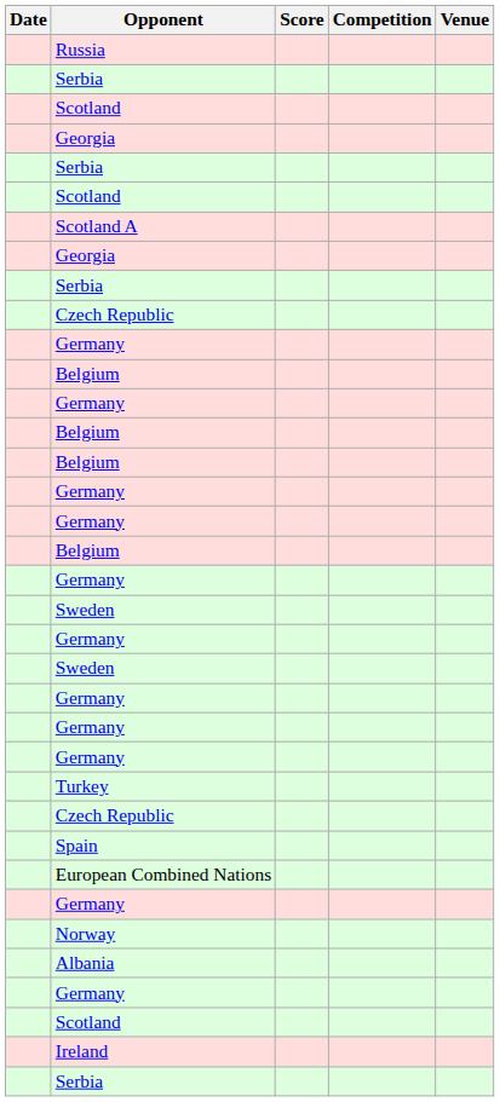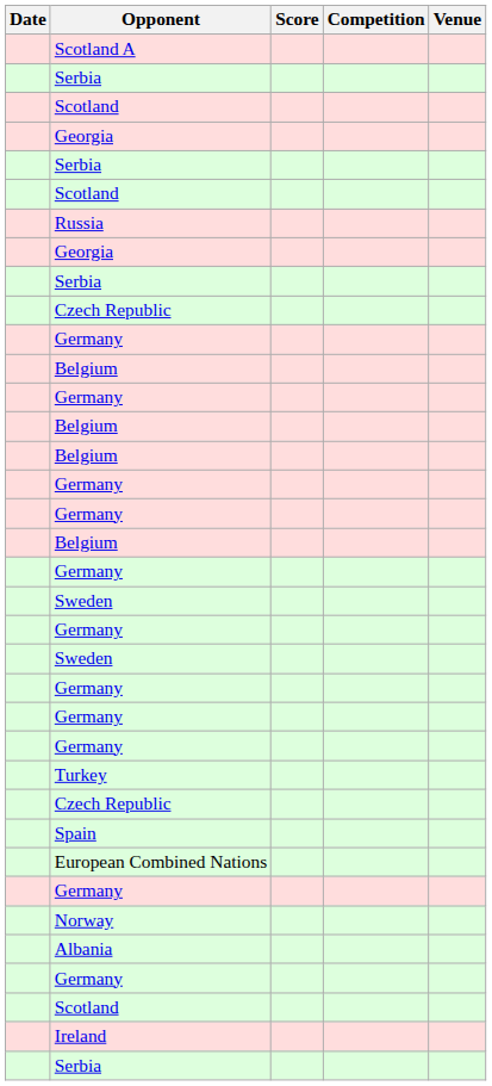 <table class="wikitable">
 <tr>
 <th>Date</th>
 <th>Opponent</th>
 <th>Score</th>
 <th>Competition</th>
 <th>Venue</th>
 </tr>
 <tr style="background:#ffdddd;">
 <td></td>
-<td> <a href='#'>Russia</a></td>
+<td> <a href='#'>Scotland A</a></td>
 <td></td>
 <td></td>
 <td></td>
 </tr>
 <tr style="background:#ddffdd;">
 <td></td>
 <td> <a href='#'>Serbia</a></td>
 <td></td>
 <td></td>
 <td></td>
 </tr>
 <tr style="background:#ffdddd;">
 <td></td>
 <td> <a href='#'>Scotland</a></td>
 <td></td>
 <td></td>
 <td></td>
 </tr>
 <tr style="background:#ffdddd;">
 <td></td>
 <td> <a href='#'>Georgia</a></td>
 <td></td>
 <td></td>
 <td></td>
 </tr>
 <tr style="background:#ddffdd;">
 <td></td>
 <td> <a href='#'>Serbia</a></td>
 <td></td>
 <td></td>
 <td></td>
 </tr>
 <tr style="background:#ddffdd;">
 <td></td>
 <td> <a href='#'>Scotland</a></td>
 <td></td>
 <td></td>
 <td></td>
 </tr>
 <tr style="background:#ffdddd;">
 <td></td>
-<td> <a href='#'>Scotland A</a></td>
+<td> <a href='#'>Russia</a></td>
 <td></td>
 <td></td>
 <td></td>
 </tr>
 <tr style="background:#ffdddd;">
 <td></td>
 <td> <a href='#'>Georgia</a></td>
 <td></td>
 <td></td>
 <td></td>
 </tr>
 <tr style="background:#ddffdd;">
 <td></td>
 <td> <a href='#'>Serbia</a></td>
 <td></td>
 <td></td>
 <td></td>
 </tr>
 <tr style="background:#ddffdd;">
 <td></td>
 <td> <a href='#'>Czech Republic</a></td>
 <td></td>
 <td></td>
 <td></td>
 </tr>
 <tr style="background:#ffdddd;">
 <td></td>
 <td> <a href='#'>Germany</a></td>
 <td></td>
 <td></td>
 <td></td>
 </tr>
 <tr style="background:#ffdddd;">
 <td></td>
 <td> <a href='#'>Belgium</a></td>
 <td></td>
 <td></td>
 <td></td>
 </tr>
 <tr style="background:#ffdddd;">
 <td></td>
 <td> <a href='#'>Germany</a></td>
 <td></td>
 <td></td>
 <td></td>
 </tr>
 <tr style="background:#ffdddd;">
 <td></td>
 <td> <a href='#'>Belgium</a></td>
 <td></td>
 <td></td>
 <td></td>
 </tr>
 <tr style="background:#ffdddd;">
 <td></td>
 <td> <a href='#'>Belgium</a></td>
 <td></td>
 <td></td>
 <td></td>
 </tr>
 <tr style="background:#ffdddd;">
 <td></td>
 <td> <a href='#'>Germany</a></td>
 <td></td>
 <td></td>
 <td></td>
 </tr>
 <tr style="background:#ffdddd;">
 <td></td>
 <td> <a href='#'>Germany</a></td>
 <td></td>
 <td></td>
 <td></td>
 </tr>
 <tr style="background:#ffdddd;">
 <td></td>
 <td> <a href='#'>Belgium</a></td>
 <td></td>
 <td></td>
 <td></td>
 </tr>
 <tr style="background:#ddffdd;">
 <td></td>
 <td> <a href='#'>Germany</a></td>
 <td></td>
 <td></td>
 <td></td>
 </tr>
 <tr style="background:#ddffdd;">
 <td></td>
 <td> <a href='#'>Sweden</a></td>
 <td></td>
 <td></td>
 <td></td>
 </tr>
 <tr style="background:#ddffdd;">
 <td></td>
 <td> <a href='#'>Germany</a></td>
 <td></td>
 <td></td>
 <td></td>
 </tr>
 <tr style="background:#ddffdd;">
 <td></td>
 <td> <a href='#'>Sweden</a></td>
 <td></td>
 <td></td>
 <td></td>
 </tr>
 <tr style="background:#ddffdd;">
 <td></td>
 <td> <a href='#'>Germany</a></td>
 <td></td>
 <td></td>
 <td></td>
 </tr>
 <tr style="background:#ddffdd;">
 <td></td>
 <td> <a href='#'>Germany</a></td>
 <td></td>
 <td></td>
 <td></td>
 </tr>
 <tr style="background:#ddffdd;">
 <td></td>
 <td> <a href='#'>Germany</a></td>
 <td></td>
 <td></td>
 <td></td>
 </tr>
 <tr style="background:#ddffdd;">
 <td></td>
 <td> <a href='#'>Turkey</a></td>
 <td></td>
 <td></td>
 <td></td>
 </tr>
 <tr style="background:#ddffdd;">
 <td></td>
 <td> <a href='#'>Czech Republic</a></td>
 <td></td>
 <td></td>
 <td></td>
 </tr>
 <tr style="background:#ddffdd;">
 <td></td>
 <td> <a href='#'>Spain</a></td>
 <td></td>
 <td></td>
 <td></td>
 </tr>
 <tr style="background:#ddffdd;">
 <td></td>
 <td> European Combined Nations</td>
 <td></td>
 <td></td>
 <td></td>
 </tr>
 <tr style="background:#ffdddd;">
 <td></td>
 <td> <a href='#'>Germany</a></td>
 <td></td>
 <td></td>
 <td></td>
 </tr>
 <tr style="background:#ddffdd;">
 <td></td>
 <td> <a href='#'>Norway</a></td>
 <td></td>
 <td></td>
 <td></td>
 </tr>
 <tr style="background:#ddffdd;">
 <td></td>
 <td> <a href='#'>Albania</a></td>
 <td></td>
 <td></td>
 <td></td>
 </tr>
 <tr style="background:#ddffdd;">
 <td></td>
 <td> <a href='#'>Germany</a></td>
 <td></td>
 <td></td>
 <td></td>
 </tr>
 <tr style="background:#ddffdd;">
 <td></td>
 <td> <a href='#'>Scotland</a></td>
 <td></td>
 <td></td>
 <td></td>
 </tr>
 <tr style="background:#ffdddd">
 <td></td>
 <td> <a href='#'>Ireland</a></td>
 <td></td>
 <td></td>
 <td></td>
 </tr>
 <tr style="background:#ddffdd;">
 <td></td>
 <td> <a href='#'>Serbia</a></td>
 <td></td>
 <td></td>
 <td></td>
 </tr>
 </table>
